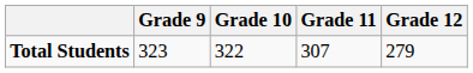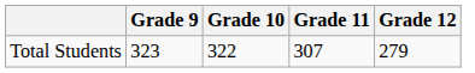 <table class="wikitable">
 <tr>
 <th></th>
 <th>Grade 9</th>
 <th>Grade 10</th>
 <th>Grade 11</th>
 <th>Grade 12</th>
 </tr>
 <tr>
-<td><strong>Total Students</strong></td>
+<td>Total Students</td>
 <td>323</td>
 <td>322</td>
 <td>307</td>
 <td>279</td>
 </tr>
 </table>
